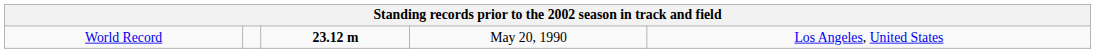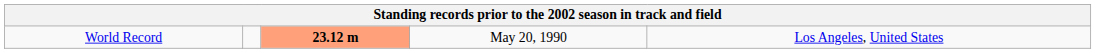 <table class="wikitable" style="text-align:center; width:100%">
 <tr>
 <th colspan="5">Standing records prior to the 2002 season in track and field</th>
 </tr>
 <tr>
 <td><a href='#'>World Record</a></td>
 <td></td>
-<td><strong>23.12 m </strong></td>
+<td style="background: lightsalmon;"><strong>23.12 m </strong></td>
 <td>May 20, 1990</td>
 <td> <a href='#'>Los Angeles</a>, <a href='#'>United States</a></td>
 </tr>
 </table>
